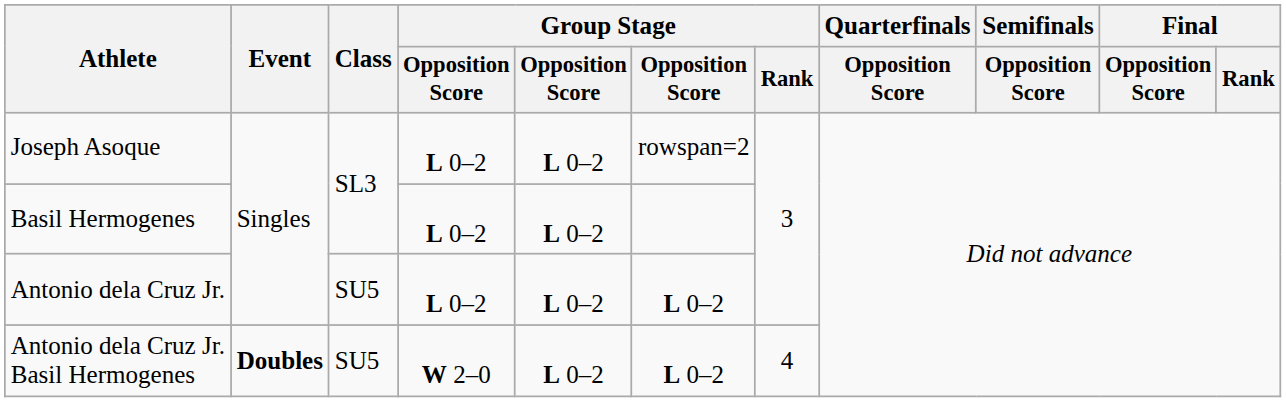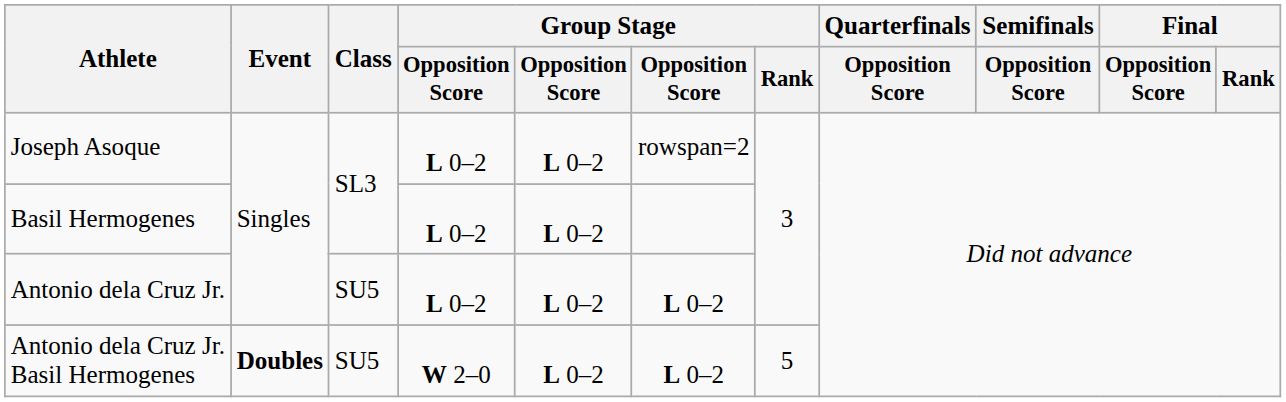 <table class="wikitable" style="font-size:90%; text-align:center">
 <tr>
 <th rowspan=2>Athlete</th>
 <th rowspan=2>Event</th>
 <th rowspan=2>Class</th>
 <th colspan=4>Group Stage</th>
 <th>Quarterfinals</th>
 <th>Semifinals</th>
 <th colspan=2>Final</th>
 </tr>
 <tr style="font-size:90%">
 <th>Opposition<br>Score</th>
 <th>Opposition<br>Score</th>
 <th>Opposition<br>Score</th>
 <th>Rank</th>
 <th>Opposition<br>Score</th>
 <th>Opposition<br>Score</th>
 <th>Opposition<br>Score</th>
 <th>Rank</th>
 </tr>
 <tr align=center>
 <td align=left>Joseph Asoque</td>
 <td align=left rowspan=3>Singles</td>
 <td align=left rowspan=2>SL3</td>
 <td><br><strong>L</strong> 0–2</td>
 <td><br><strong>L</strong> 0–2<br><strong></strong></td>
 <td>rowspan=2 </td>
 <td rowspan=3>3</td>
 <td colspan=4 rowspan=4><em>Did not advance</em></td>
 </tr>
 <tr align=center>
 <td align=left>Basil Hermogenes</td>
 <td><br><strong>L</strong> 0–2</td>
 <td><br><strong>L</strong> 0–2</td>
 </tr>
 <tr align=center>
 <td align=left>Antonio dela Cruz Jr.</td>
 <td align=left>SU5</td>
 <td><br><strong>L</strong> 0–2</td>
 <td><br><strong>L</strong> 0–2</td>
 <td><br><strong>L</strong> 0–2</td>
 </tr>
 <tr align=center>
 <td align=left>Antonio dela Cruz Jr.<br>Basil Hermogenes</td>
 <td><strong>Doubles</strong></td>
 <td align=left>SU5</td>
 <td><br><strong>W</strong> 2–0</td>
 <td><br><strong>L</strong> 0–2</td>
 <td><br><strong>L</strong> 0–2</td>
-<td>4</td>
+<td>5</td>
 </tr>
 </table>
